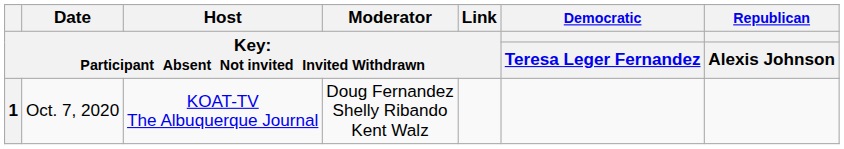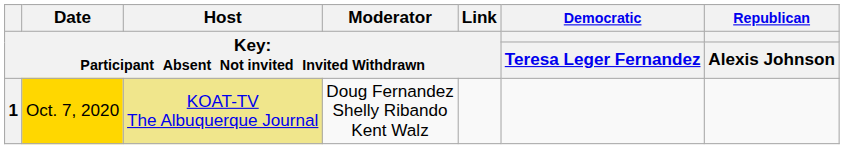 <table class="wikitable" style="text-align:center;">
 <tr>
 <th scope="col"></th>
 <th scope="col">Date</th>
 <th scope="col">Host</th>
 <th scope="col">Moderator</th>
 <th scope="col">Link</th>
 <th scope="col"><small><a href='#'>Democratic</a></small></th>
 <th scope="col"><small><a href='#'>Republican</a></small></th>
 </tr>
 <tr>
 <th colspan="5" rowspan="2">Key:<br> <small>Participant </small>  <small>Absent </small>  <small>Not invited </small>  <small>Invited  Withdrawn</small></th>
 <th scope="col" style="background:"></th>
 <th scope="col" style="background:"></th>
 </tr>
 <tr>
 <th scope="col"><a href='#'>Teresa Leger Fernandez</a></th>
 <th scope="col">Alexis Johnson</th>
 </tr>
 <tr>
 <th>1</th>
-<td style="white-space:nowrap;">Oct. 7, 2020</td>
-<td style="white-space:nowrap;"><a href='#'>KOAT-TV</a><br><a href='#'>The Albuquerque Journal</a></td>
+<td style="background: gold; white-space:nowrap;">Oct. 7, 2020</td>
+<td style="background: khaki; white-space:nowrap;"><a href='#'>KOAT-TV</a><br><a href='#'>The Albuquerque Journal</a></td>
 <td style="white-space:nowrap;">Doug Fernandez<br>Shelly Ribando<br>Kent Walz</td>
 <td style="white-space:nowrap;"></td>
 <td></td>
 <td></td>
 </tr>
 </table>
